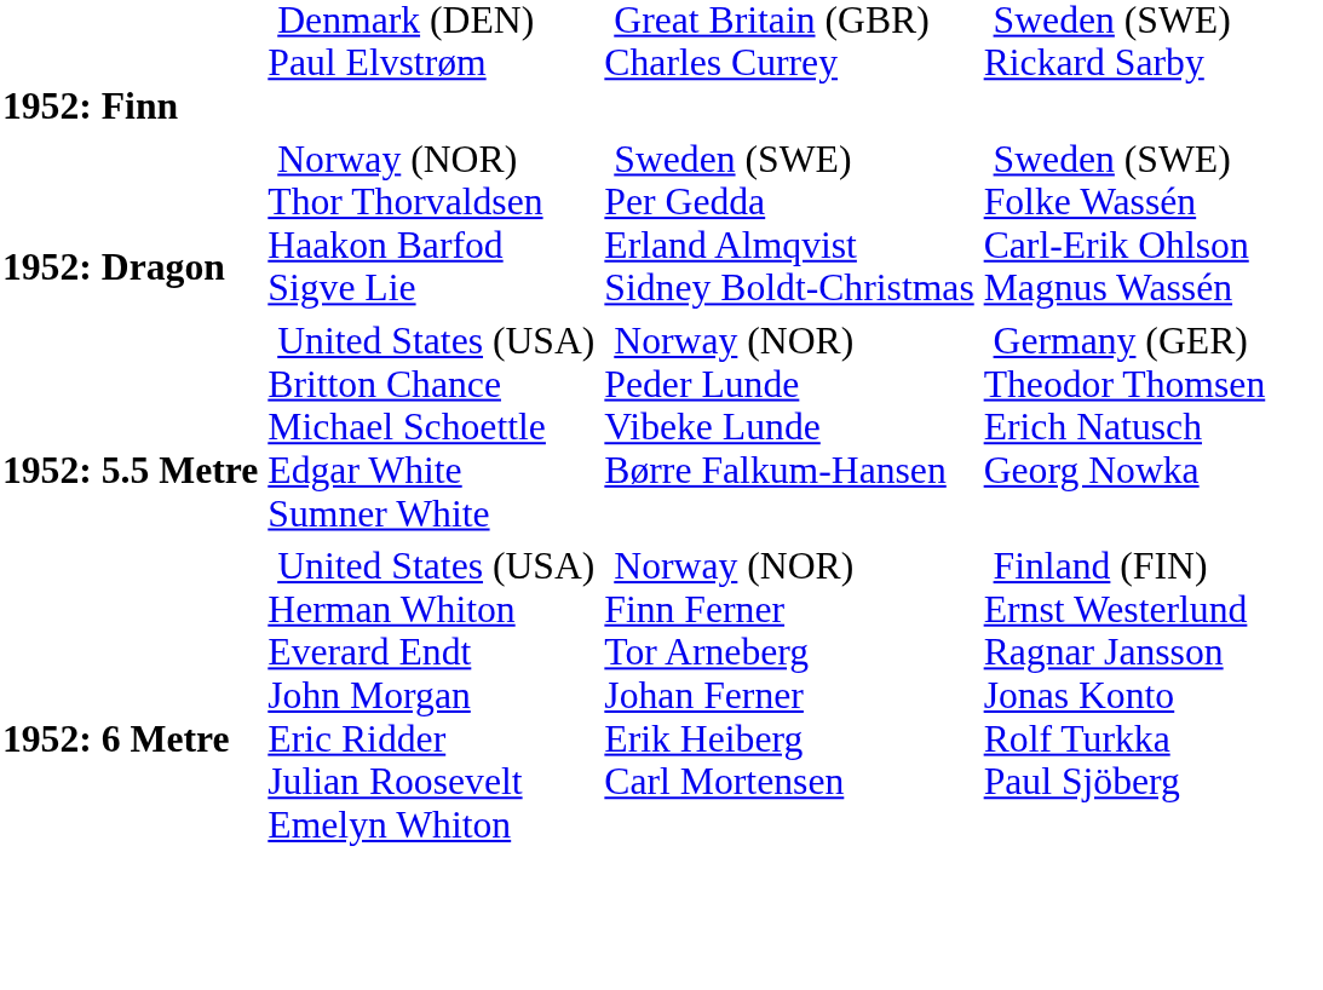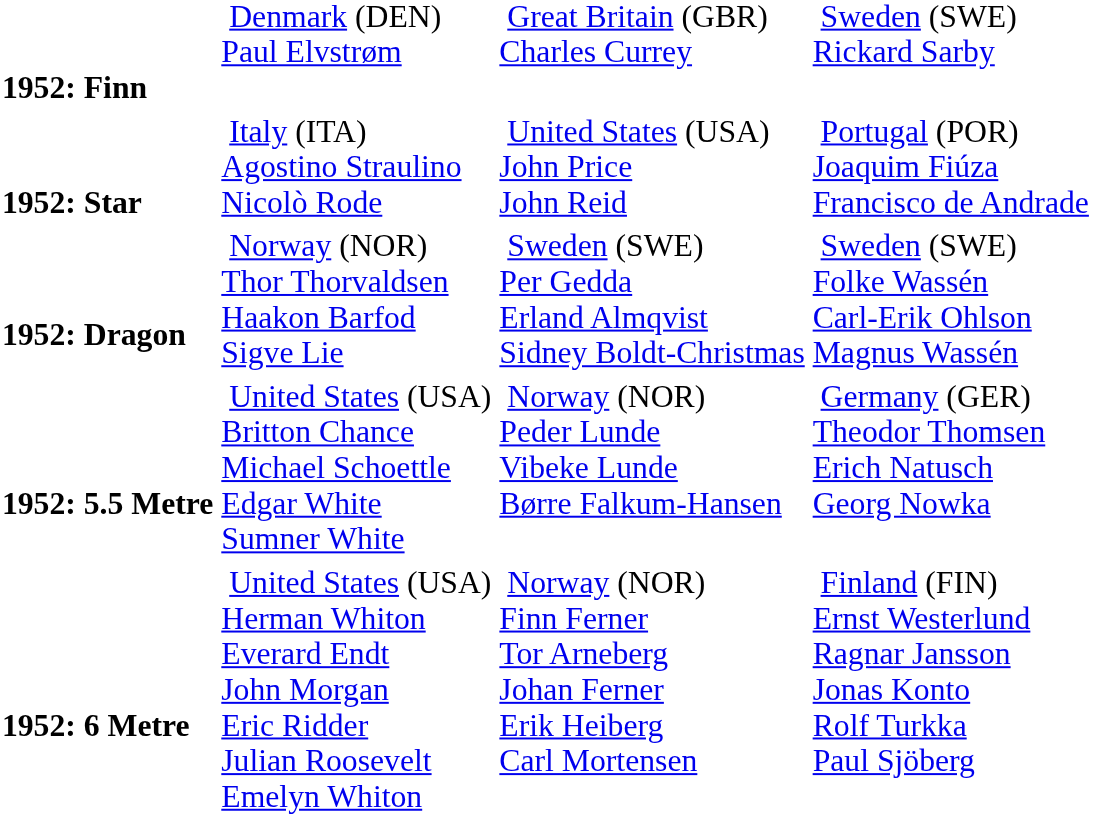 <table>
 <tr>
 <td style="align:center;"><br><br><strong>1952: Finn</strong> <br></td>
 <td style="vertical-align:top;"> <a href='#'>Denmark</a> <span>(DEN)</span><br><a href='#'>Paul Elvstrøm</a></td>
 <td style="vertical-align:top;"> <a href='#'>Great Britain</a> <span>(GBR)</span><br><a href='#'>Charles Currey</a></td>
 <td style="vertical-align:top;"> <a href='#'>Sweden</a> <span>(SWE)</span><br><a href='#'>Rickard Sarby</a></td>
+</tr>
+<tr>
+<td style="align:center;"><br><br><strong>1952: Star</strong> <br></td>
+<td style="vertical-align:top;"> <a href='#'>Italy</a> <span>(ITA)</span><br><a href='#'>Agostino Straulino</a><br><a href='#'>Nicolò Rode</a></td>
+<td style="vertical-align:top;"> <a href='#'>United States</a> <span>(USA)</span><br><a href='#'>John Price</a><br><a href='#'>John Reid</a></td>
+<td style="vertical-align:top;"> <a href='#'>Portugal</a> <span>(POR)</span><br><a href='#'>Joaquim Fiúza</a><br><a href='#'>Francisco de Andrade</a></td>
 </tr>
 <tr>
 <td style="align:center;"><br><br><strong>1952: Dragon</strong> <br></td>
 <td style="vertical-align:top;"> <a href='#'>Norway</a> <span>(NOR)</span><br><a href='#'>Thor Thorvaldsen</a><br><a href='#'>Haakon Barfod</a><br><a href='#'>Sigve Lie</a></td>
 <td style="vertical-align:top;"> <a href='#'>Sweden</a> <span>(SWE)</span><br><a href='#'>Per Gedda</a><br><a href='#'>Erland Almqvist</a><br><a href='#'>Sidney Boldt-Christmas</a></td>
 <td style="vertical-align:top;"> <a href='#'>Sweden</a> <span>(SWE)</span><br><a href='#'>Folke Wassén</a><br><a href='#'>Carl-Erik Ohlson</a><br><a href='#'>Magnus Wassén</a></td>
 </tr>
 <tr>
 <td style="align:center;"><br><br><strong>1952: 5.5 Metre</strong> <br></td>
 <td style="vertical-align:top;"> <a href='#'>United States</a> <span>(USA)</span><br><a href='#'>Britton Chance</a><br><a href='#'>Michael Schoettle</a><br><a href='#'>Edgar White</a><br><a href='#'>Sumner White</a></td>
 <td style="vertical-align:top;"> <a href='#'>Norway</a> <span>(NOR)</span><br><a href='#'>Peder Lunde</a><br><a href='#'>Vibeke Lunde</a><br><a href='#'>Børre Falkum-Hansen</a></td>
 <td style="vertical-align:top;"> <a href='#'>Germany</a> <span>(GER)</span><br><a href='#'>Theodor Thomsen</a><br><a href='#'>Erich Natusch</a><br><a href='#'>Georg Nowka</a></td>
 </tr>
 <tr>
 <td style="align:center;"><br><br><strong>1952: 6 Metre</strong> <br></td>
 <td style="vertical-align:top;"> <a href='#'>United States</a> <span>(USA)</span><br><a href='#'>Herman Whiton</a><br><a href='#'>Everard Endt</a><br><a href='#'>John Morgan</a><br><a href='#'>Eric Ridder</a><br><a href='#'>Julian Roosevelt</a><br><a href='#'>Emelyn Whiton</a></td>
 <td style="vertical-align:top;"> <a href='#'>Norway</a> <span>(NOR)</span><br><a href='#'>Finn Ferner</a><br><a href='#'>Tor Arneberg</a><br><a href='#'>Johan Ferner</a><br><a href='#'>Erik Heiberg</a><br><a href='#'>Carl Mortensen</a></td>
 <td style="vertical-align:top;"> <a href='#'>Finland</a> <span>(FIN)</span><br><a href='#'>Ernst Westerlund</a><br><a href='#'>Ragnar Jansson</a><br><a href='#'>Jonas Konto</a><br><a href='#'>Rolf Turkka</a><br><a href='#'>Paul Sjöberg</a></td>
 </tr>
 </table>
